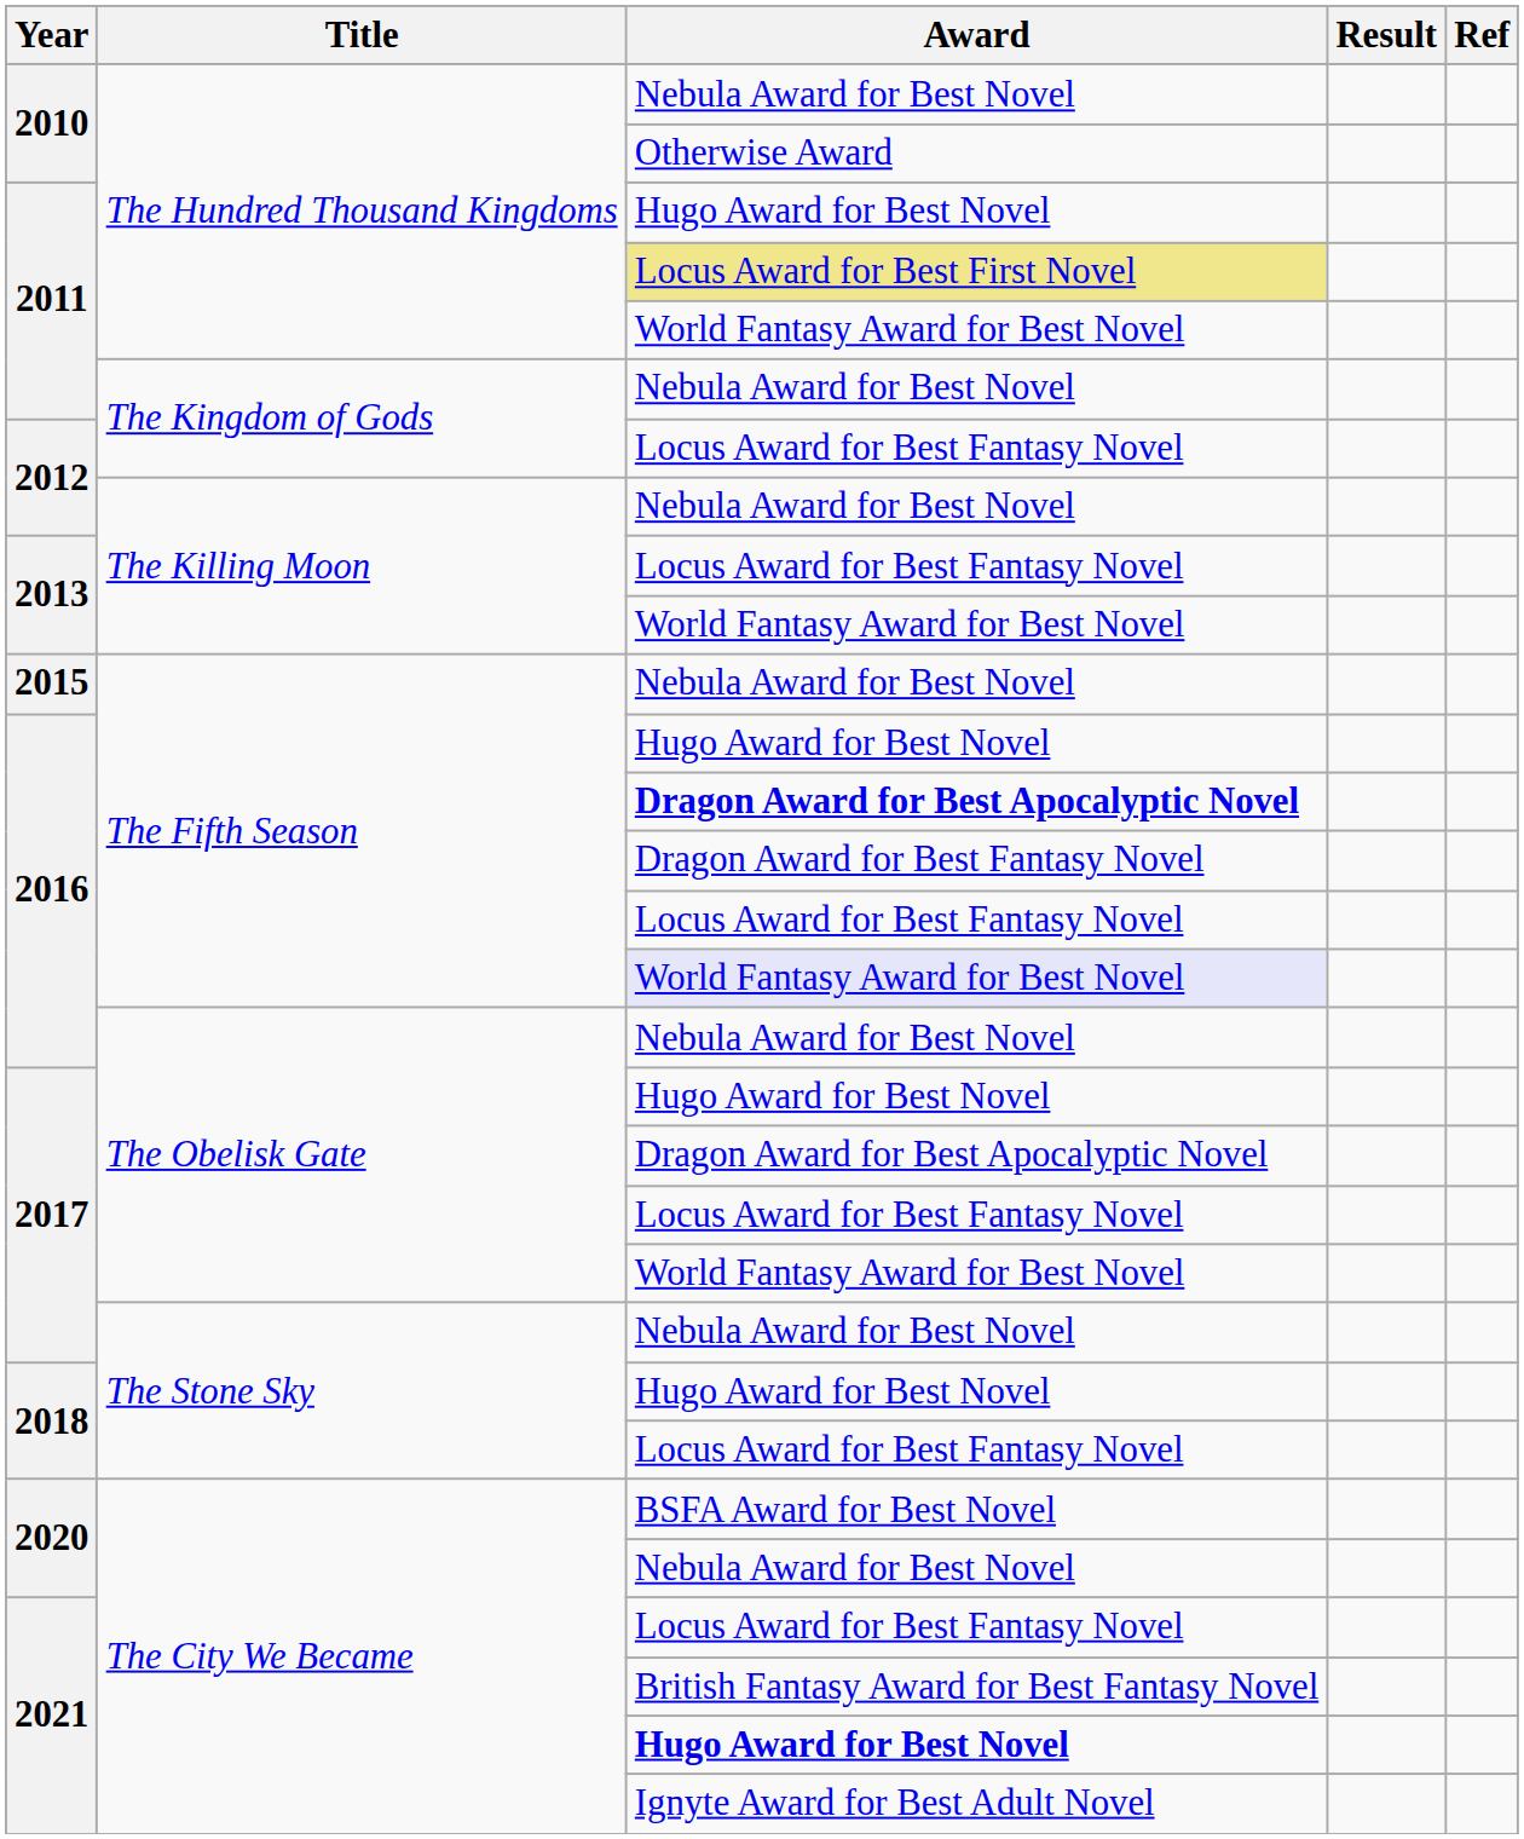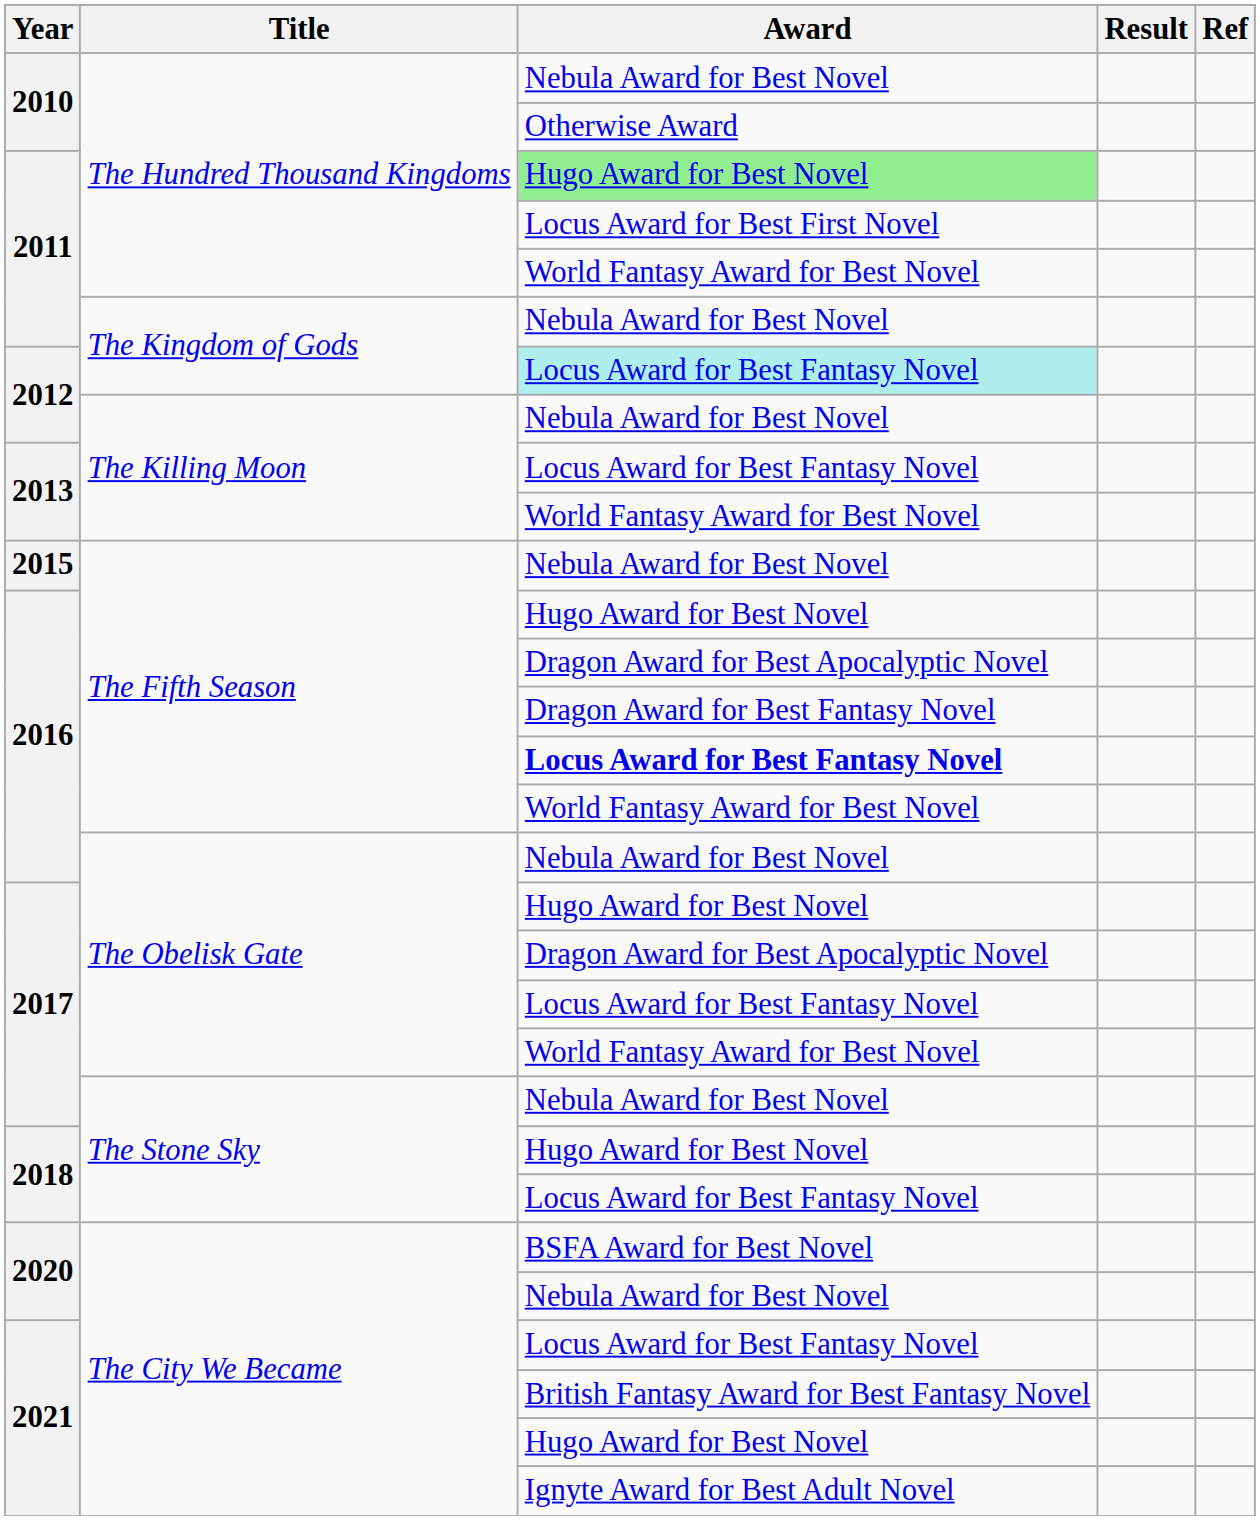 <table class="wikitable sortable">
 <tr>
 <th>Year</th>
 <th>Title</th>
 <th>Award</th>
 <th>Result</th>
 <th>Ref</th>
 </tr>
 <tr>
 <th rowspan=2>2010</th>
 <td rowspan=5><a href='#'><em>The Hundred Thousand Kingdoms</em></a></td>
 <td><a href='#'>Nebula Award for Best Novel</a></td>
 <td></td>
 <td></td>
 </tr>
 <tr>
 <td><a href='#'>Otherwise Award</a></td>
 <td></td>
 <td></td>
 </tr>
 <tr>
 <th rowspan=4>2011</th>
-<td><a href='#'>Hugo Award for Best Novel</a></td>
+<td style="background: lightgreen;"><a href='#'>Hugo Award for Best Novel</a></td>
 <td></td>
 <td></td>
 </tr>
 <tr>
-<td style="background: khaki;"><a href='#'>Locus Award for Best First Novel</a></td>
+<td><a href='#'>Locus Award for Best First Novel</a></td>
 <td></td>
 <td></td>
 </tr>
 <tr>
 <td><a href='#'>World Fantasy Award for Best Novel</a></td>
 <td></td>
 <td></td>
 </tr>
 <tr>
 <td rowspan=2><a href='#'><em>The Kingdom of Gods</em></a></td>
 <td><a href='#'>Nebula Award for Best Novel</a></td>
 <td></td>
 <td></td>
 </tr>
 <tr>
 <th rowspan=2>2012</th>
-<td><a href='#'>Locus Award for Best Fantasy Novel</a></td>
+<td style="background: paleturquoise;"><a href='#'>Locus Award for Best Fantasy Novel</a></td>
 <td></td>
 <td></td>
 </tr>
 <tr>
 <td rowspan="3"><a href='#'><em>The Killing Moon</em></a></td>
 <td><a href='#'>Nebula Award for Best Novel</a></td>
 <td></td>
 <td></td>
 </tr>
 <tr>
 <th rowspan=2>2013</th>
 <td><a href='#'>Locus Award for Best Fantasy Novel</a></td>
 <td></td>
 <td></td>
 </tr>
 <tr>
 <td><a href='#'>World Fantasy Award for Best Novel</a></td>
 <td></td>
 <td></td>
 </tr>
 <tr>
 <th>2015</th>
 <td rowspan=6><a href='#'><em>The Fifth Season</em></a></td>
 <td><a href='#'>Nebula Award for Best Novel</a></td>
 <td></td>
 <td></td>
 </tr>
 <tr>
 <th rowspan=6>2016</th>
 <td><a href='#'>Hugo Award for Best Novel</a></td>
 <td></td>
 <td></td>
 </tr>
 <tr>
-<td><strong><a href='#'>Dragon Award for Best Apocalyptic Novel</a></strong></td>
+<td><a href='#'>Dragon Award for Best Apocalyptic Novel</a></td>
 <td></td>
 <td></td>
 </tr>
 <tr>
 <td><a href='#'>Dragon Award for Best Fantasy Novel</a></td>
 <td></td>
 <td></td>
 </tr>
 <tr>
-<td><a href='#'>Locus Award for Best Fantasy Novel</a></td>
+<td><strong><a href='#'>Locus Award for Best Fantasy Novel</a></strong></td>
 <td></td>
 <td></td>
 </tr>
 <tr>
-<td style="background: lavender;"><a href='#'>World Fantasy Award for Best Novel</a></td>
+<td><a href='#'>World Fantasy Award for Best Novel</a></td>
 <td></td>
 <td></td>
 </tr>
 <tr>
 <td rowspan=5><a href='#'><em>The Obelisk Gate</em></a></td>
 <td><a href='#'>Nebula Award for Best Novel</a></td>
 <td></td>
 <td></td>
 </tr>
 <tr>
 <th rowspan=5>2017</th>
 <td><a href='#'>Hugo Award for Best Novel</a></td>
 <td></td>
 <td></td>
 </tr>
 <tr>
 <td><a href='#'>Dragon Award for Best Apocalyptic Novel</a></td>
 <td></td>
 <td></td>
 </tr>
 <tr>
 <td><a href='#'>Locus Award for Best Fantasy Novel</a></td>
 <td></td>
 <td></td>
 </tr>
 <tr>
 <td><a href='#'>World Fantasy Award for Best Novel</a></td>
 <td></td>
 <td></td>
 </tr>
 <tr>
 <td rowspan="3"><a href='#'><em>The Stone Sky</em></a></td>
 <td><a href='#'>Nebula Award for Best Novel</a></td>
 <td></td>
 <td></td>
 </tr>
 <tr>
 <th rowspan=2>2018</th>
 <td><a href='#'>Hugo Award for Best Novel</a></td>
 <td></td>
 <td></td>
 </tr>
 <tr>
 <td><a href='#'>Locus Award for Best Fantasy Novel</a></td>
 <td></td>
 <td></td>
 </tr>
 <tr>
 <th rowspan=2>2020</th>
 <td rowspan=6><a href='#'><em>The City We Became</em></a></td>
 <td><a href='#'>BSFA Award for Best Novel</a></td>
 <td></td>
 <td></td>
 </tr>
 <tr>
 <td><a href='#'>Nebula Award for Best Novel</a></td>
 <td></td>
 <td></td>
 </tr>
 <tr>
 <th rowspan=4>2021</th>
 <td><a href='#'>Locus Award for Best Fantasy Novel</a></td>
 <td></td>
 <td></td>
 </tr>
 <tr>
 <td><a href='#'>British Fantasy Award for Best Fantasy Novel</a></td>
 <td></td>
 <td></td>
 </tr>
 <tr>
-<td><strong><a href='#'>Hugo Award for Best Novel</a></strong></td>
+<td><a href='#'>Hugo Award for Best Novel</a></td>
 <td></td>
 <td></td>
 </tr>
 <tr>
 <td><a href='#'>Ignyte Award for Best Adult Novel</a></td>
 <td></td>
 <td></td>
 </tr>
 </table>
